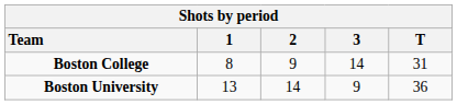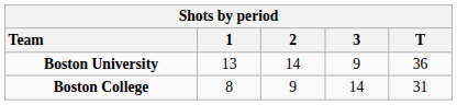 <table class="wikitable" style="width:30em; text-align:right;">
 <tr>
 <th colspan=5>Shots by period</th>
 </tr>
 <tr>
 <th style="width:10em; text-align:left;">Team</th>
 <th style="width:3em;">1</th>
 <th style="width:3em;">2</th>
 <th style="width:3em;">3</th>
 <th style="width:3em;">T</th>
 </tr>
 <tr>
+<td align=center><strong>Boston University</strong></td>
+<td align=center>13</td>
+<td align=center>14</td>
+<td align=center>9</td>
+<td align=center>36</td>
+</tr>
+<tr>
 <td align=center><strong>Boston College</strong></td>
 <td align=center>8</td>
 <td align=center>9</td>
 <td align=center>14</td>
 <td align=center>31</td>
 </tr>
-<tr>
-<td align=center><strong>Boston University</strong></td>
-<td align=center>13</td>
-<td align=center>14</td>
-<td align=center>9</td>
-<td align=center>36</td>
-</tr>
 </table>
